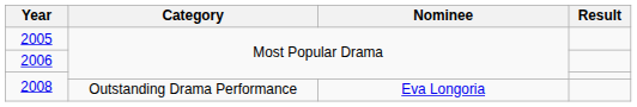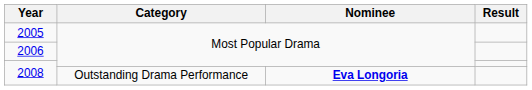 <table class="wikitable" width="80%">
 <tr>
 <th width="10%">Year</th>
 <th width="40%">Category</th>
 <th width="40%">Nominee</th>
 <th width="10%">Result</th>
 </tr>
 <tr>
 <td align="center"><a href='#'>2005</a></td>
 <td rowspan="3" colspan="2" align="center">Most Popular Drama</td>
 <td></td>
 </tr>
 <tr>
 <td align="center"><a href='#'>2006</a></td>
 <td></td>
 </tr>
 <tr>
 <td rowspan="2" align="center"><a href='#'>2008</a></td>
 <td></td>
 </tr>
 <tr>
 <td align="center">Outstanding Drama Performance</td>
-<td align="center"><a href='#'>Eva Longoria</a></td>
+<td align="center"><strong><a href='#'>Eva Longoria</a></strong></td>
 <td></td>
 </tr>
 </table>
